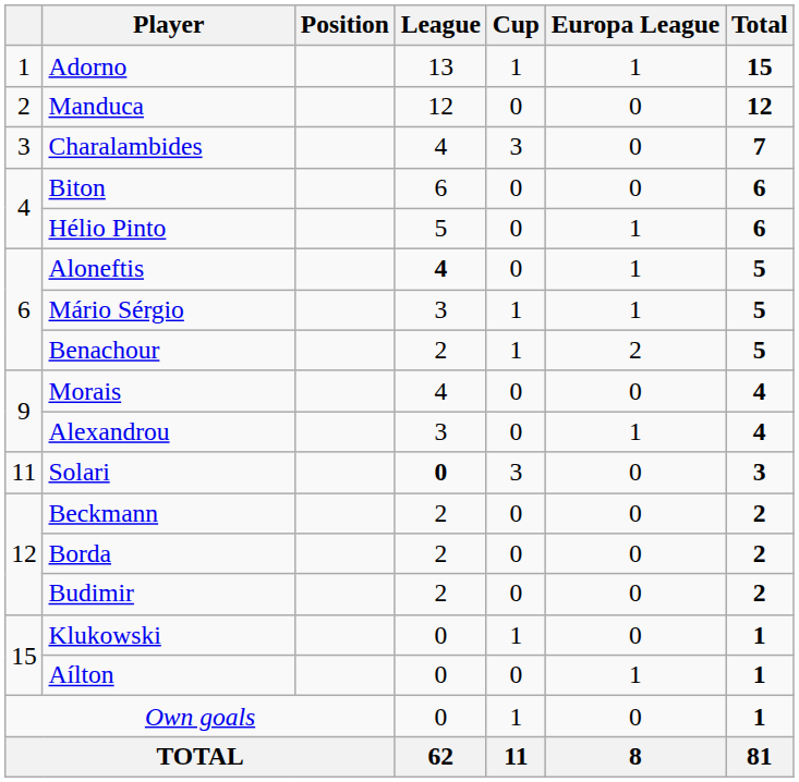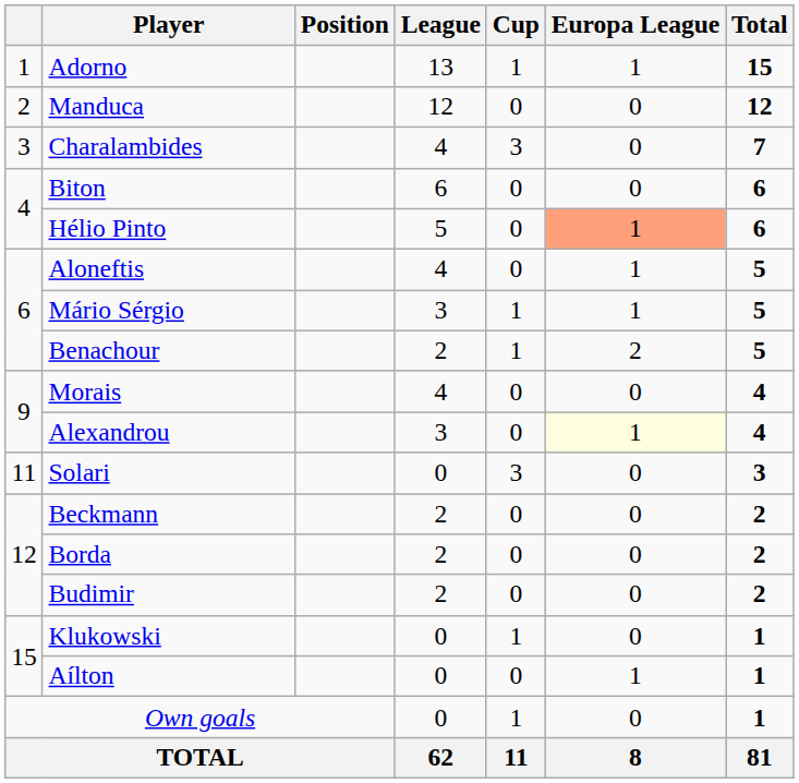 <table class="wikitable">
 <tr>
 <th></th>
 <th width="150">Player</th>
 <th>Position</th>
 <th>League</th>
 <th>Cup</th>
 <th>Europa League</th>
 <th>Total</th>
 </tr>
 <tr>
 <td align=center>1</td>
 <td> <a href='#'>Adorno</a></td>
 <td align=center></td>
 <td align=center>13</td>
 <td align=center>1</td>
 <td align=center>1</td>
 <td align=center><strong>15</strong></td>
 </tr>
 <tr>
 <td align=center>2</td>
 <td> <a href='#'>Manduca</a></td>
 <td align=center></td>
 <td align=center>12</td>
 <td align=center>0</td>
 <td align=center>0</td>
 <td align=center><strong>12</strong></td>
 </tr>
 <tr>
 <td align=center>3</td>
 <td> <a href='#'>Charalambides</a></td>
 <td align=center></td>
 <td align=center>4</td>
 <td align=center>3</td>
 <td align=center>0</td>
 <td align=center><strong>7</strong></td>
 </tr>
 <tr>
 <td rowspan="2" align=center>4</td>
 <td> <a href='#'>Biton</a></td>
 <td align=center></td>
 <td align=center>6</td>
 <td align=center>0</td>
 <td align=center>0</td>
 <td align=center><strong>6</strong></td>
 </tr>
 <tr>
 <td> <a href='#'>Hélio Pinto</a></td>
 <td align=center></td>
 <td align=center>5</td>
 <td align=center>0</td>
-<td align=center>1</td>
+<td align=center style="background: lightsalmon;">1</td>
 <td align=center><strong>6</strong></td>
 </tr>
 <tr>
 <td rowspan="3" align=center>6</td>
 <td> <a href='#'>Aloneftis</a></td>
 <td align=center></td>
-<td align=center><strong>4</strong></td>
+<td align=center>4</td>
 <td align=center>0</td>
 <td align=center>1</td>
 <td align=center><strong>5</strong></td>
 </tr>
 <tr>
 <td> <a href='#'>Mário Sérgio</a></td>
 <td align=center></td>
 <td align=center>3</td>
 <td align=center>1</td>
 <td align=center>1</td>
 <td align=center><strong>5</strong></td>
 </tr>
 <tr>
 <td> <a href='#'>Benachour</a></td>
 <td align=center></td>
 <td align=center>2</td>
 <td align=center>1</td>
 <td align=center>2</td>
 <td align=center><strong>5</strong></td>
 </tr>
 <tr>
 <td rowspan="2" align=center>9</td>
 <td> <a href='#'>Morais</a></td>
 <td align=center></td>
 <td align=center>4</td>
 <td align=center>0</td>
 <td align=center>0</td>
 <td align=center><strong>4</strong></td>
 </tr>
 <tr>
 <td> <a href='#'>Alexandrou</a></td>
 <td align=center></td>
 <td align=center>3</td>
 <td align=center>0</td>
-<td align=center>1</td>
+<td align=center style="background: lightyellow;">1</td>
 <td align=center><strong>4</strong></td>
 </tr>
 <tr>
 <td align=center>11</td>
 <td> <a href='#'>Solari</a></td>
 <td align=center></td>
-<td align=center><strong>0</strong></td>
+<td align=center>0</td>
 <td align=center>3</td>
 <td align=center>0</td>
 <td align=center><strong>3</strong></td>
 </tr>
 <tr>
 <td rowspan="3" align=center>12</td>
 <td> <a href='#'>Beckmann</a></td>
 <td align=center></td>
 <td align=center>2</td>
 <td align=center>0</td>
 <td align=center>0</td>
 <td align=center><strong>2</strong></td>
 </tr>
 <tr>
 <td> <a href='#'>Borda</a></td>
 <td align=center></td>
 <td align=center>2</td>
 <td align=center>0</td>
 <td align=center>0</td>
 <td align=center><strong>2</strong></td>
 </tr>
 <tr>
 <td> <a href='#'>Budimir</a></td>
 <td align=center></td>
 <td align=center>2</td>
 <td align=center>0</td>
 <td align=center>0</td>
 <td align=center><strong>2</strong></td>
 </tr>
 <tr>
 <td rowspan="2" align=center>15</td>
 <td> <a href='#'>Klukowski</a></td>
 <td align=center></td>
 <td align=center>0</td>
 <td align=center>1</td>
 <td align=center>0</td>
 <td align=center><strong>1</strong></td>
 </tr>
 <tr>
 <td> <a href='#'>Aílton</a></td>
 <td align=center></td>
 <td align=center>0</td>
 <td align=center>0</td>
 <td align=center>1</td>
 <td align=center><strong>1</strong></td>
 </tr>
 <tr>
 <td colspan="3" align=center><em><a href='#'>Own goals</a></em></td>
 <td align=center>0</td>
 <td align=center>1</td>
 <td align=center>0</td>
 <td align=center><strong>1</strong></td>
 </tr>
 <tr>
 <th colspan="3" align=center>TOTAL</th>
 <th align=center>62</th>
 <th align=center>11</th>
 <th align=center>8</th>
 <th align=center>81</th>
 </tr>
 </table>
